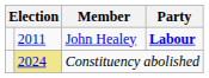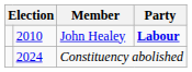 <table class="wikitable">
 <tr>
 <th colspan="2">Election</th>
 <th>Member</th>
 <th>Party</th>
 </tr>
 <tr>
 <td style="color:inherit;background-color: "></td>
-<td><a href='#'>2011</a></td>
+<td><a href='#'>2010</a></td>
 <td><a href='#'>John Healey</a></td>
 <td><strong><a href='#'>Labour</a></strong></td>
 </tr>
 <tr>
 <td></td>
-<td style="background: khaki;"><a href='#'>2024</a></td>
+<td><a href='#'>2024</a></td>
 <td colspan="2"><em>Constituency abolished</em></td>
 </tr>
 </table>
